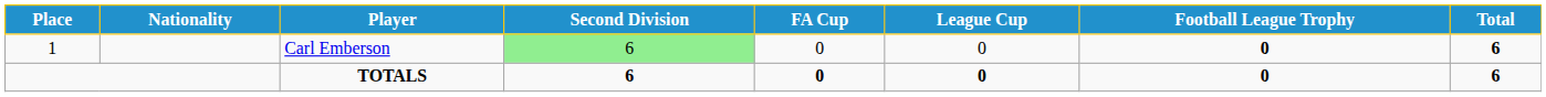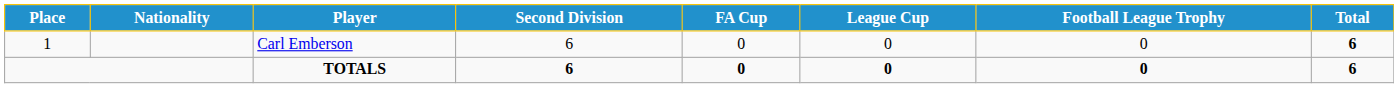 <table class="wikitable" style="text-align:center; font-size:90%; width:100%;">
 <tr>
 <th style="background:#2191CC; color:white; border:1px solid #F7C408; text-align:center;">Place</th>
 <th style="background:#2191CC; color:white; border:1px solid #F7C408; text-align:center;">Nationality</th>
 <th style="background:#2191CC; color:white; border:1px solid #F7C408; text-align:center;">Player</th>
 <th style="background:#2191CC; color:white; border:1px solid #F7C408; text-align:center;">Second Division</th>
 <th style="background:#2191CC; color:white; border:1px solid #F7C408; text-align:center;">FA Cup</th>
 <th style="background:#2191CC; color:white; border:1px solid #F7C408; text-align:center;">League Cup</th>
 <th style="background:#2191CC; color:white; border:1px solid #F7C408; text-align:center;">Football League Trophy</th>
 <th style="background:#2191CC; color:white; border:1px solid #F7C408; text-align:center;">Total</th>
 </tr>
 <tr>
 <td>1</td>
 <td></td>
 <td align="left"><a href='#'>Carl Emberson</a></td>
-<td style="background: lightgreen;">6</td>
+<td>6</td>
 <td>0</td>
 <td>0</td>
-<td><strong>0</strong></td>
+<td>0</td>
 <td><strong>6</strong></td>
 </tr>
 <tr>
 <td colspan="2"></td>
 <td><strong>TOTALS</strong></td>
 <td><strong>6</strong></td>
 <td><strong>0</strong></td>
 <td><strong>0</strong></td>
 <td><strong>0</strong></td>
 <td><strong>6</strong></td>
 </tr>
 </table>
